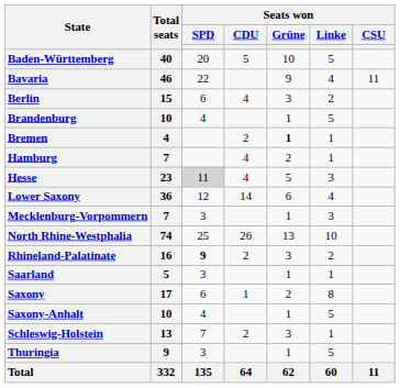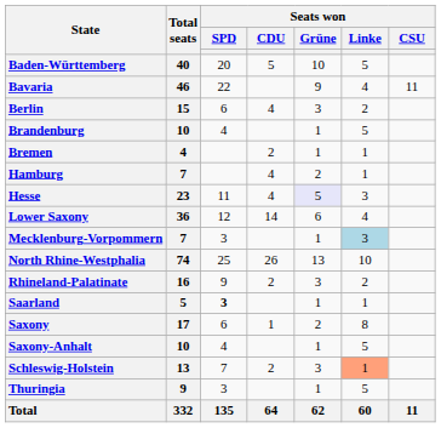 <table class="wikitable" style="text-align:center; font-size: 0.9em;">
 <tr>
 <th rowspan="3">State</th>
 <th rowspan="3">Total<br>seats</th>
 <th colspan="5">Seats won</th>
 </tr>
 <tr>
 <th class="unsortable" style="width:45px;"><a href='#'>SPD</a></th>
 <th class="unsortable" style="width:45px;"><a href='#'>CDU</a></th>
 <th class="unsortable" style="width:45px;"><a href='#'>Grüne</a></th>
 <th class="unsortable" style="width:45px;"><a href='#'>Linke</a></th>
 <th class="unsortable" style="width:45px;"><a href='#'>CSU</a></th>
 </tr>
 <tr>
 <th style="background:"></th>
 <th style="background:"></th>
 <th style="background:"></th>
 <th style="background:"></th>
 <th style="background:"></th>
 </tr>
 <tr>
 <th style="text-align: left;"><a href='#'>Baden-Württemberg</a></th>
 <th>40</th>
 <td>20</td>
 <td>5</td>
 <td>10</td>
 <td>5</td>
 <td></td>
 </tr>
 <tr>
 <th style="text-align: left;"><a href='#'>Bavaria</a></th>
 <th>46</th>
 <td>22</td>
 <td></td>
 <td>9</td>
 <td>4</td>
 <td>11</td>
 </tr>
 <tr>
 <th style="text-align: left;"><a href='#'>Berlin</a></th>
 <th>15</th>
 <td>6</td>
 <td>4</td>
 <td>3</td>
 <td>2</td>
 <td></td>
 </tr>
 <tr>
 <th style="text-align: left;"><a href='#'>Brandenburg</a></th>
 <th>10</th>
 <td>4</td>
 <td></td>
 <td>1</td>
 <td>5</td>
 <td></td>
 </tr>
 <tr>
 <th style="text-align: left;"><a href='#'>Bremen</a></th>
 <th>4</th>
 <td></td>
 <td>2</td>
-<td><strong>1</strong></td>
+<td>1</td>
 <td>1</td>
 <td></td>
 </tr>
 <tr>
 <th style="text-align: left;"><a href='#'>Hamburg</a></th>
 <th>7</th>
 <td></td>
 <td>4</td>
 <td>2</td>
 <td>1</td>
 <td></td>
 </tr>
 <tr>
 <th style="text-align: left;"><a href='#'>Hesse</a></th>
 <th>23</th>
-<td style="background: lightgrey;">11</td>
+<td>11</td>
 <td>4</td>
-<td>5</td>
+<td style="background: lavender;">5</td>
 <td>3</td>
 <td></td>
 </tr>
 <tr>
 <th style="text-align: left;"><a href='#'>Lower Saxony</a></th>
 <th>36</th>
 <td>12</td>
 <td>14</td>
 <td>6</td>
 <td>4</td>
 <td></td>
 </tr>
 <tr>
 <th style="text-align: left;"><a href='#'>Mecklenburg-Vorpommern</a></th>
 <th>7</th>
 <td>3</td>
 <td></td>
 <td>1</td>
-<td>3</td>
+<td style="background: lightblue;">3</td>
 <td></td>
 </tr>
 <tr>
 <th style="text-align: left;"><a href='#'>North Rhine-Westphalia</a></th>
 <th>74</th>
 <td>25</td>
 <td>26</td>
 <td>13</td>
 <td>10</td>
 <td></td>
 </tr>
 <tr class="sortbottom">
 <th style="text-align: left;"><a href='#'>Rhineland-Palatinate</a></th>
 <th>16</th>
-<td><strong>9</strong></td>
+<td>9</td>
 <td>2</td>
 <td>3</td>
 <td>2</td>
 <td></td>
 </tr>
 <tr>
 <th style="text-align: left;"><a href='#'>Saarland</a></th>
 <th>5</th>
-<td>3</td>
+<td><strong>3</strong></td>
 <td></td>
 <td>1</td>
 <td>1</td>
 <td></td>
 </tr>
 <tr>
 <th style="text-align: left;"><a href='#'>Saxony</a></th>
 <th>17</th>
 <td>6</td>
 <td>1</td>
 <td>2</td>
 <td>8</td>
 <td></td>
 </tr>
 <tr>
 <th style="text-align: left;"><a href='#'>Saxony-Anhalt</a></th>
 <th>10</th>
 <td>4</td>
 <td></td>
 <td>1</td>
 <td>5</td>
 <td></td>
 </tr>
 <tr>
 <th style="text-align: left;"><a href='#'>Schleswig-Holstein</a></th>
 <th>13</th>
 <td>7</td>
 <td>2</td>
 <td>3</td>
-<td>1</td>
+<td style="background: lightsalmon;">1</td>
 <td></td>
 </tr>
 <tr>
 <th style="text-align: left;"><a href='#'>Thuringia</a></th>
 <th>9</th>
 <td>3</td>
 <td></td>
 <td>1</td>
 <td>5</td>
 <td></td>
 </tr>
 <tr>
 <th style="text-align: left;">Total</th>
 <th>332</th>
 <th>135</th>
 <th>64</th>
 <th>62</th>
 <th>60</th>
 <th>11</th>
 </tr>
 </table>
